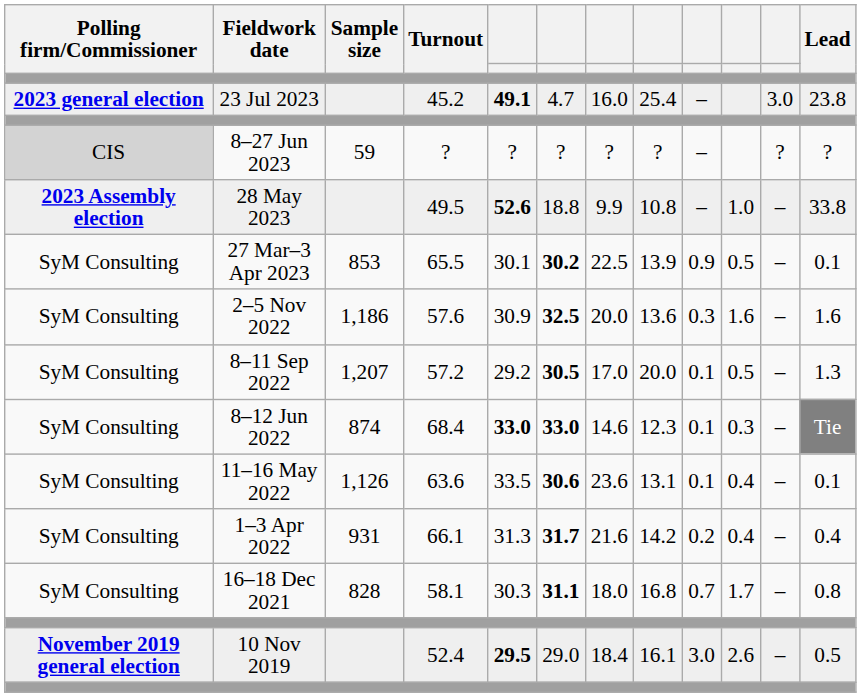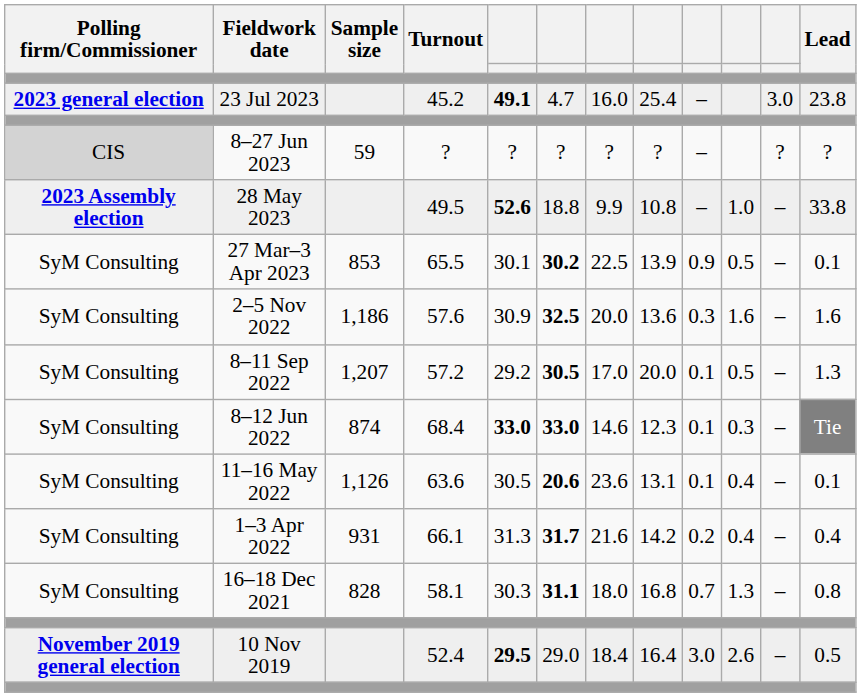 <table class="wikitable collapsible collapsed" style="text-align:center; font-size:95%; line-height:16px;">
 <tr style="height:42px;">
 <th style="width:250px;" rowspan="2">Polling firm/Commissioner</th>
 <th style="width:125px;" rowspan="2">Fieldwork date</th>
 <th style="width:50px;" rowspan="2">Sample size</th>
 <th style="width:45px;" rowspan="2">Turnout</th>
 <th style="width:35px;"></th>
 <th style="width:35px;"></th>
 <th style="width:35px;"></th>
 <th style="width:35px;"></th>
 <th style="width:35px;"></th>
 <th style="width:35px;"></th>
 <th style="width:35px;"></th>
 <th style="width:30px;" rowspan="2">Lead</th>
 </tr>
 <tr>
 <th style="color:inherit;background:"></th>
 <th style="color:inherit;background:"></th>
 <th style="color:inherit;background:"></th>
 <th style="color:inherit;background:"></th>
 <th style="color:inherit;background:"></th>
 <th style="color:inherit;background:"></th>
 <th style="color:inherit;background:"></th>
 </tr>
 <tr>
 <td colspan="12" style="background:#A0A0A0"></td>
 </tr>
 <tr style="background:#EFEFEF;">
 <td><strong><a href='#'>2023 general election</a></strong></td>
 <td>23 Jul 2023</td>
 <td></td>
 <td>45.2</td>
 <td><strong>49.1</strong><br></td>
 <td>4.7<br></td>
 <td>16.0<br></td>
 <td>25.4<br></td>
 <td>–</td>
 <td></td>
 <td>3.0<br></td>
 <td style="background:">23.8</td>
 </tr>
 <tr>
 <td colspan="12" style="background:#A0A0A0"></td>
 </tr>
 <tr>
 <td style="background: lightgrey;">CIS</td>
 <td>8–27 Jun 2023</td>
 <td>59</td>
 <td>?</td>
 <td>?<br></td>
 <td>?<br></td>
 <td>?<br></td>
 <td>?<br></td>
 <td>–</td>
 <td></td>
 <td>?<br></td>
 <td style="background:">?</td>
 </tr>
 <tr style="background:#EFEFEF;">
 <td><strong><a href='#'>2023 Assembly election</a></strong></td>
 <td>28 May 2023</td>
 <td></td>
 <td>49.5</td>
 <td><strong>52.6</strong><br></td>
 <td>18.8<br></td>
 <td>9.9<br></td>
 <td>10.8<br></td>
 <td>–</td>
 <td>1.0<br></td>
 <td>–</td>
 <td style="background:">33.8</td>
 </tr>
 <tr>
 <td>SyM Consulting</td>
 <td>27 Mar–3 Apr 2023</td>
 <td>853</td>
 <td>65.5</td>
 <td>30.1<br></td>
 <td><strong>30.2</strong><br></td>
 <td>22.5<br></td>
 <td>13.9<br></td>
 <td>0.9<br></td>
 <td>0.5<br></td>
 <td>–</td>
 <td style="background:">0.1</td>
 </tr>
 <tr>
 <td>SyM Consulting</td>
 <td>2–5 Nov 2022</td>
 <td>1,186</td>
 <td>57.6</td>
 <td>30.9<br></td>
 <td><strong>32.5</strong><br></td>
 <td>20.0<br></td>
 <td>13.6<br></td>
 <td>0.3<br></td>
 <td>1.6<br></td>
 <td>–</td>
 <td style="background:">1.6</td>
 </tr>
 <tr>
 <td>SyM Consulting</td>
 <td>8–11 Sep 2022</td>
 <td>1,207</td>
 <td>57.2</td>
 <td>29.2<br></td>
 <td><strong>30.5</strong><br></td>
 <td>17.0<br></td>
 <td>20.0<br></td>
 <td>0.1<br></td>
 <td>0.5<br></td>
 <td>–</td>
 <td style="background:">1.3</td>
 </tr>
 <tr>
 <td>SyM Consulting</td>
 <td>8–12 Jun 2022</td>
 <td>874</td>
 <td>68.4</td>
 <td><strong>33.0</strong><br></td>
 <td><strong>33.0</strong><br></td>
 <td>14.6<br></td>
 <td>12.3<br></td>
 <td>0.1<br></td>
 <td>0.3<br></td>
 <td>–</td>
 <td style="background:gray; color:white;">Tie</td>
 </tr>
 <tr>
 <td>SyM Consulting</td>
 <td>11–16 May 2022</td>
 <td>1,126</td>
 <td>63.6</td>
-<td>33.5<br></td>
-<td><strong>30.6</strong><br></td>
+<td>30.5<br></td>
+<td><strong>20.6</strong><br></td>
 <td>23.6<br></td>
 <td>13.1<br></td>
 <td>0.1<br></td>
 <td>0.4<br></td>
 <td>–</td>
 <td style="background:">0.1</td>
 </tr>
 <tr>
 <td>SyM Consulting</td>
 <td>1–3 Apr 2022</td>
 <td>931</td>
 <td>66.1</td>
 <td>31.3<br></td>
 <td><strong>31.7</strong><br></td>
 <td>21.6<br></td>
 <td>14.2<br></td>
 <td>0.2<br></td>
 <td>0.4<br></td>
 <td>–</td>
 <td style="background:">0.4</td>
 </tr>
 <tr>
 <td>SyM Consulting</td>
 <td>16–18 Dec 2021</td>
 <td>828</td>
 <td>58.1</td>
 <td>30.3<br></td>
 <td><strong>31.1</strong><br></td>
 <td>18.0<br></td>
 <td>16.8<br></td>
 <td>0.7<br></td>
-<td>1.7<br></td>
+<td>1.3<br></td>
 <td>–</td>
 <td style="background:">0.8</td>
 </tr>
 <tr>
 <td colspan="12" style="background:#A0A0A0"></td>
 </tr>
 <tr style="background:#EFEFEF;">
 <td><strong><a href='#'>November 2019 general election</a></strong></td>
 <td>10 Nov 2019</td>
 <td></td>
 <td>52.4</td>
 <td><strong>29.5</strong><br></td>
 <td>29.0<br></td>
 <td>18.4<br></td>
-<td>16.1<br></td>
+<td>16.4<br></td>
 <td>3.0<br></td>
 <td>2.6<br></td>
 <td>–</td>
 <td style="background:">0.5</td>
 </tr>
 <tr>
 <td colspan="12" style="background:#A0A0A0"></td>
 </tr>
 </table>
